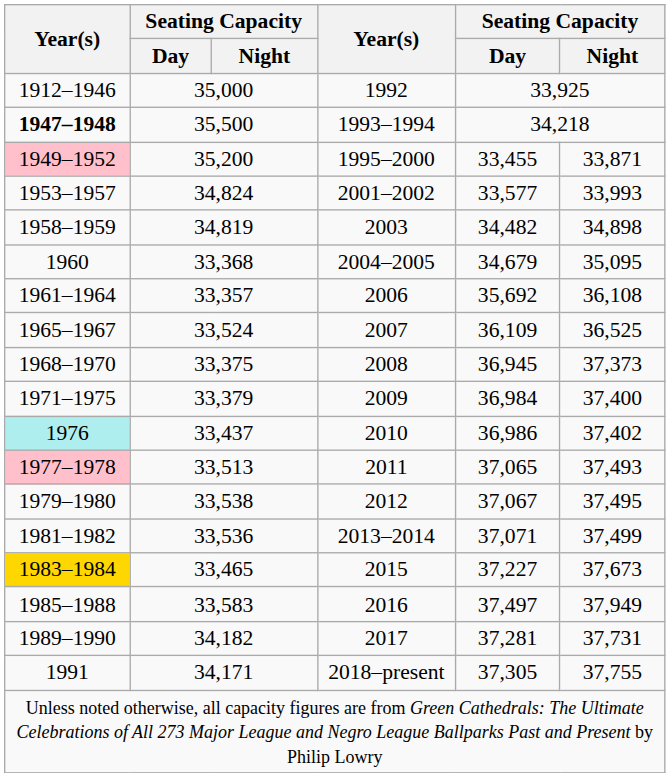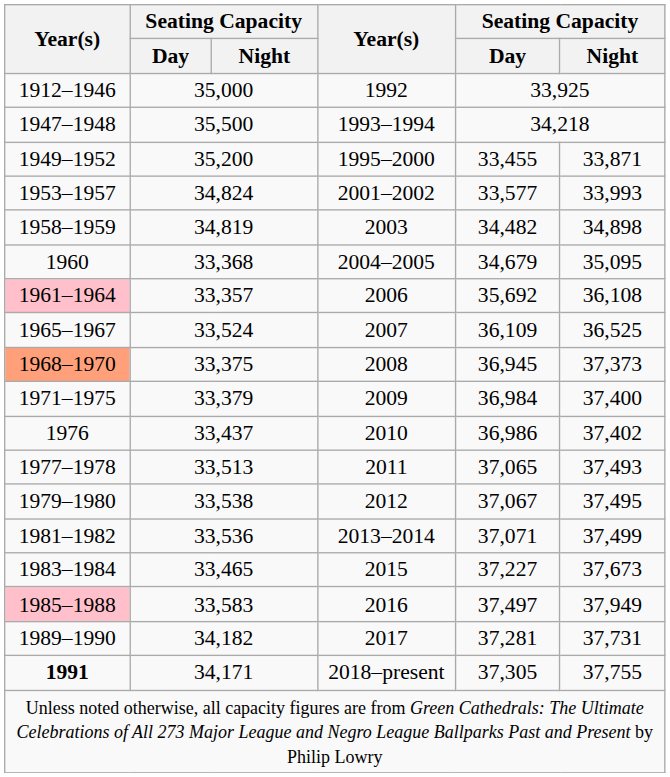 <table class="wikitable" style="width:490px">
 <tr>
 <th rowspan="2">Year(s)</th>
 <th colspan="2">Seating Capacity</th>
 <th rowspan="2">Year(s)</th>
 <th colspan="2">Seating Capacity</th>
 </tr>
 <tr style="text-align: center">
 <th>Day</th>
 <th>Night</th>
 <th>Day</th>
 <th>Night</th>
 </tr>
 <tr style="text-align: center">
 <td>1912–1946</td>
 <td colspan="2">35,000</td>
 <td>1992</td>
 <td colspan="2">33,925</td>
 </tr>
 <tr style="text-align: center">
-<td><strong>1947–1948</strong></td>
+<td>1947–1948</td>
 <td colspan="2">35,500</td>
 <td>1993–1994</td>
 <td colspan="2">34,218</td>
 </tr>
 <tr style="text-align: center">
-<td style="background: pink;">1949–1952</td>
+<td>1949–1952</td>
 <td colspan="2">35,200</td>
 <td>1995–2000</td>
 <td>33,455</td>
 <td>33,871</td>
 </tr>
 <tr style="text-align: center">
 <td>1953–1957</td>
 <td colspan="2">34,824</td>
 <td>2001–2002</td>
 <td>33,577</td>
 <td>33,993</td>
 </tr>
 <tr style="text-align: center">
 <td>1958–1959</td>
 <td colspan="2">34,819</td>
 <td>2003</td>
 <td>34,482</td>
 <td>34,898</td>
 </tr>
 <tr style="text-align: center">
 <td>1960</td>
 <td colspan="2">33,368</td>
 <td>2004–2005</td>
 <td>34,679</td>
 <td>35,095</td>
 </tr>
 <tr style="text-align: center">
-<td>1961–1964</td>
+<td style="background: pink;">1961–1964</td>
 <td colspan="2">33,357</td>
 <td>2006</td>
 <td>35,692</td>
 <td>36,108</td>
 </tr>
 <tr style="text-align: center">
 <td>1965–1967</td>
 <td colspan="2">33,524</td>
 <td>2007</td>
 <td>36,109</td>
 <td>36,525</td>
 </tr>
 <tr style="text-align: center">
-<td>1968–1970</td>
+<td style="background: lightsalmon;">1968–1970</td>
 <td colspan="2">33,375</td>
 <td>2008</td>
 <td>36,945</td>
 <td>37,373</td>
 </tr>
 <tr style="text-align: center">
 <td>1971–1975</td>
 <td colspan="2">33,379</td>
 <td>2009</td>
 <td>36,984</td>
 <td>37,400</td>
 </tr>
 <tr style="text-align: center">
-<td style="background: paleturquoise;">1976</td>
+<td>1976</td>
 <td colspan="2">33,437</td>
 <td>2010</td>
 <td>36,986</td>
 <td>37,402</td>
 </tr>
 <tr style="text-align: center">
-<td style="background: pink;">1977–1978</td>
+<td>1977–1978</td>
 <td colspan="2">33,513</td>
 <td>2011</td>
 <td>37,065</td>
 <td>37,493</td>
 </tr>
 <tr style="text-align: center">
 <td>1979–1980</td>
 <td colspan="2">33,538</td>
 <td>2012</td>
 <td>37,067</td>
 <td>37,495</td>
 </tr>
 <tr style="text-align: center">
 <td>1981–1982</td>
 <td colspan="2">33,536</td>
 <td>2013–2014</td>
 <td>37,071</td>
 <td>37,499</td>
 </tr>
 <tr style="text-align: center">
-<td style="background: gold;">1983–1984</td>
+<td>1983–1984</td>
 <td colspan="2">33,465</td>
 <td>2015</td>
 <td>37,227</td>
 <td>37,673</td>
 </tr>
 <tr style="text-align: center">
-<td>1985–1988</td>
+<td style="background: pink;">1985–1988</td>
 <td colspan="2">33,583</td>
 <td>2016</td>
 <td>37,497</td>
 <td>37,949</td>
 </tr>
 <tr style="text-align: center">
 <td>1989–1990</td>
 <td colspan="2">34,182</td>
 <td>2017</td>
 <td>37,281</td>
 <td>37,731</td>
 </tr>
 <tr style="text-align: center">
-<td>1991</td>
+<td><strong>1991</strong></td>
 <td colspan="2">34,171</td>
 <td>2018–present</td>
 <td>37,305</td>
 <td>37,755</td>
 </tr>
 <tr style="text-align:center; word-wrap:break-word">
 <td colspan="6"><small>Unless noted otherwise, all capacity figures are from <em>Green Cathedrals: The Ultimate Celebrations of All 273 Major League and Negro League Ballparks Past and Present</em> by Philip Lowry</small></td>
 </tr>
 </table>
